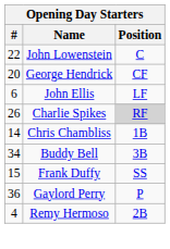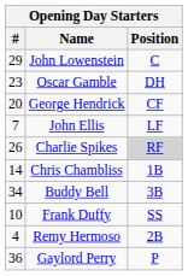 <table class="wikitable" style="text-align:center">
 <tr>
 <th colspan="3">Opening Day Starters</th>
 </tr>
 <tr>
 <th>#</th>
 <th>Name</th>
 <th>Position</th>
 </tr>
 <tr>
-<td>22</td>
+<td>29</td>
 <td><a href='#'>John Lowenstein</a></td>
 <td><a href='#'>C</a></td>
+</tr>
+<tr>
+<td>23</td>
+<td><a href='#'>Oscar Gamble</a></td>
+<td><a href='#'>DH</a></td>
 </tr>
 <tr>
 <td>20</td>
 <td><a href='#'>George Hendrick</a></td>
 <td><a href='#'>CF</a></td>
 </tr>
 <tr>
-<td>6</td>
+<td>7</td>
 <td><a href='#'>John Ellis</a></td>
 <td><a href='#'>LF</a></td>
 </tr>
 <tr>
 <td>26</td>
 <td><a href='#'>Charlie Spikes</a></td>
 <td style="background: lightgrey;"><a href='#'>RF</a></td>
 </tr>
 <tr>
 <td>14</td>
 <td><a href='#'>Chris Chambliss</a></td>
 <td><a href='#'>1B</a></td>
 </tr>
 <tr>
 <td>34</td>
 <td><a href='#'>Buddy Bell</a></td>
 <td><a href='#'>3B</a></td>
 </tr>
 <tr>
-<td>15</td>
+<td>10</td>
 <td><a href='#'>Frank Duffy</a></td>
 <td><a href='#'>SS</a></td>
+</tr>
+<tr>
+<td>4</td>
+<td><a href='#'>Remy Hermoso</a></td>
+<td><a href='#'>2B</a></td>
 </tr>
 <tr>
 <td>36</td>
 <td><a href='#'>Gaylord Perry</a></td>
 <td><a href='#'>P</a></td>
 </tr>
-<tr>
-<td>4</td>
-<td><a href='#'>Remy Hermoso</a></td>
-<td><a href='#'>2B</a></td>
-</tr>
 </table>
